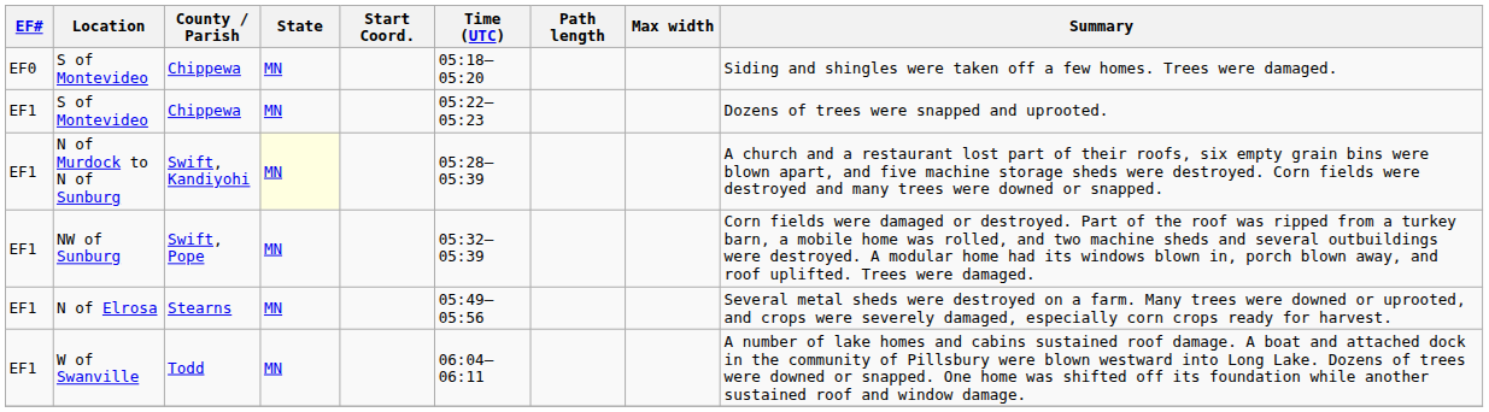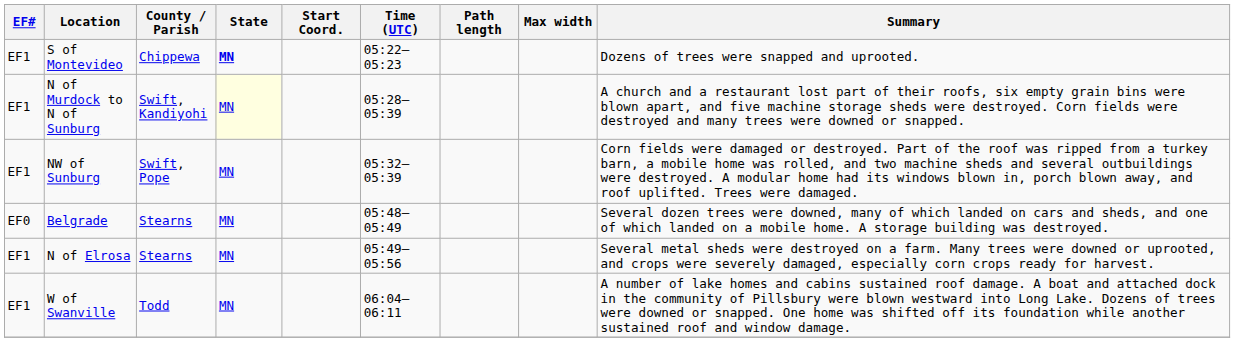 <table class="wikitable sortable" style="width:100%;">
 <tr>
 <th scope="col"  style="width:3%; text-align:center;"><a href='#'>EF#</a></th>
 <th scope="col"  style="width:7%; text-align:center;" class="unsortable">Location</th>
 <th scope="col"  style="width:6%; text-align:center;" class="unsortable">County / Parish</th>
 <th scope="col"  style="width:5%; text-align:center;">State</th>
 <th scope="col"  style="width:6%; text-align:center;">Start Coord.</th>
 <th scope="col"  style="width:6%; text-align:center;">Time (<a href='#'>UTC</a>)</th>
 <th scope="col"  style="width:6%; text-align:center;">Path length</th>
 <th scope="col"  style="width:6%; text-align:center;">Max width</th>
 <th scope="col" class="unsortable" style="width:48%; text-align:center;">Summary</th>
 </tr>
 <tr>
-<td>EF0</td>
-<td>S of <a href='#'>Montevideo</a></td>
-<td><a href='#'>Chippewa</a></td>
-<td><a href='#'>MN</a></td>
-<td></td>
-<td>05:18–05:20</td>
-<td></td>
-<td></td>
-<td>Siding and shingles were taken off a few homes. Trees were damaged.</td>
-</tr>
-<tr>
 <td>EF1</td>
 <td>S of <a href='#'>Montevideo</a></td>
 <td><a href='#'>Chippewa</a></td>
-<td><a href='#'>MN</a></td>
+<td><strong><a href='#'>MN</a></strong></td>
 <td></td>
 <td>05:22–05:23</td>
 <td></td>
 <td></td>
 <td>Dozens of trees were snapped and uprooted.</td>
 </tr>
 <tr>
 <td>EF1</td>
 <td>N of <a href='#'>Murdock</a> to N of <a href='#'>Sunburg</a></td>
 <td><a href='#'>Swift</a>, <a href='#'>Kandiyohi</a></td>
 <td style="background: lightyellow;"><a href='#'>MN</a></td>
 <td></td>
 <td>05:28–05:39</td>
 <td></td>
 <td></td>
 <td>A church and a restaurant lost part of their roofs, six empty grain bins were blown apart, and five machine storage sheds were destroyed. Corn fields were destroyed and many trees were downed or snapped.</td>
 </tr>
 <tr>
 <td>EF1</td>
 <td>NW of <a href='#'>Sunburg</a></td>
 <td><a href='#'>Swift</a>, <a href='#'>Pope</a></td>
 <td><a href='#'>MN</a></td>
 <td></td>
 <td>05:32–05:39</td>
 <td></td>
 <td></td>
 <td>Corn fields were damaged or destroyed. Part of the roof was ripped from a turkey barn, a mobile home was rolled, and two machine sheds and several outbuildings were destroyed. A modular home had its windows blown in, porch blown away, and roof uplifted. Trees were damaged.</td>
 </tr>
 <tr>
+<td>EF0</td>
+<td><a href='#'>Belgrade</a></td>
+<td><a href='#'>Stearns</a></td>
+<td><a href='#'>MN</a></td>
+<td></td>
+<td>05:48–05:49</td>
+<td></td>
+<td></td>
+<td>Several dozen trees were downed, many of which landed on cars and sheds, and one of which landed on a mobile home. A storage building was destroyed.</td>
+</tr>
+<tr>
 <td>EF1</td>
 <td>N of <a href='#'>Elrosa</a></td>
 <td><a href='#'>Stearns</a></td>
 <td><a href='#'>MN</a></td>
 <td></td>
 <td>05:49–05:56</td>
 <td></td>
 <td></td>
 <td>Several metal sheds were destroyed on a farm. Many trees were downed or uprooted, and crops were severely damaged, especially corn crops ready for harvest.</td>
 </tr>
 <tr>
 <td>EF1</td>
 <td>W of <a href='#'>Swanville</a></td>
 <td><a href='#'>Todd</a></td>
 <td><a href='#'>MN</a></td>
 <td></td>
 <td>06:04–06:11</td>
 <td></td>
 <td></td>
 <td>A number of lake homes and cabins sustained roof damage. A boat and attached dock in the community of Pillsbury were blown westward into Long Lake. Dozens of trees were downed or snapped. One home was shifted off its foundation while another sustained roof and window damage.</td>
 </tr>
 <tr>
 </tr>
 </table>
